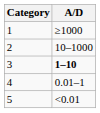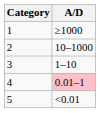 <table class="wikitable">
 <tr>
 <th>Category</th>
 <th>A/D</th>
 </tr>
 <tr>
 <td>1</td>
 <td>≥1000</td>
 </tr>
 <tr>
 <td>2</td>
 <td>10–1000</td>
 </tr>
 <tr>
 <td>3</td>
-<td><strong>1–10</strong></td>
+<td>1–10</td>
 </tr>
 <tr>
 <td>4</td>
-<td>0.01–1</td>
+<td style="background: pink;">0.01–1</td>
 </tr>
 <tr>
 <td>5</td>
 <td><0.01</td>
 </tr>
 </table>
